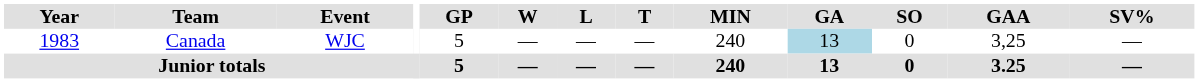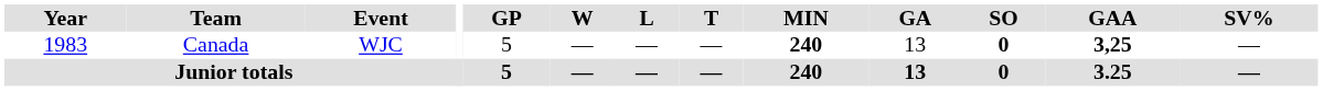 <table border="0" cellpadding="1" cellspacing="0" ID="Table3" style="text-align:center; width:60em">
 <tr ALIGN="center" bgcolor="#e0e0e0">
 <th>Year</th>
 <th>Team</th>
 <th>Event</th>
 <th rowspan="99" bgcolor="#ffffff"></th>
 <th>GP</th>
 <th>W</th>
 <th>L</th>
 <th>T</th>
 <th>MIN</th>
 <th>GA</th>
 <th>SO</th>
 <th>GAA</th>
 <th>SV%</th>
 </tr>
 <tr>
 <td><a href='#'>1983</a></td>
 <td><a href='#'>Canada</a></td>
 <td><a href='#'>WJC</a></td>
 <td>5</td>
 <td>—</td>
 <td>—</td>
 <td>—</td>
-<td>240</td>
-<td style="background: lightblue;">13</td>
-<td>0</td>
-<td>3,25</td>
+<td><strong>240</strong></td>
+<td>13</td>
+<td><strong>0</strong></td>
+<td><strong>3,25</strong></td>
 <td>—</td>
 </tr>
 <tr bgcolor="#e0e0e0">
 <th colspan=4>Junior totals</th>
 <th>5</th>
 <th>—</th>
 <th>—</th>
 <th>—</th>
 <th>240</th>
 <th>13</th>
 <th>0</th>
 <th>3.25</th>
 <th>—</th>
 </tr>
 </table>
